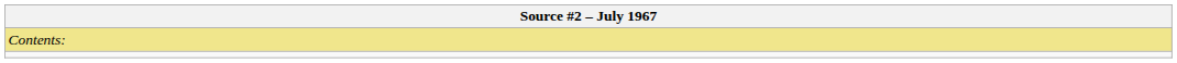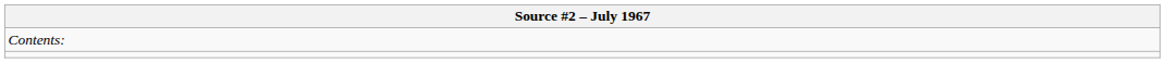 <table class="wikitable" style="width:100%;">
 <tr>
 <th><strong>Source #2</strong> – July 1967</th>
 </tr>
 <tr>
-<td style="background: khaki;"><em>Contents:</em></td>
+<td><em>Contents:</em></td>
 </tr>
 <tr>
 <td></td>
 </tr>
 </table>
